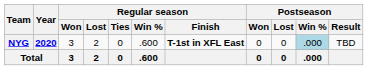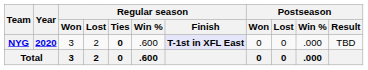 <table class="wikitable" style="font-size: 95%; text-align:center;">
 <tr>
 <th rowspan="2">Team</th>
 <th rowspan="2">Year</th>
 <th colspan="5">Regular season</th>
 <th colspan="4">Postseason</th>
 </tr>
 <tr>
 <th>Won</th>
 <th>Lost</th>
 <th>Ties</th>
 <th>Win %</th>
 <th>Finish</th>
 <th>Won</th>
 <th>Lost</th>
 <th>Win %</th>
 <th>Result</th>
 </tr>
 <tr>
 <th><a href='#'>NYG</a></th>
 <th><a href='#'>2020</a></th>
 <td>3</td>
 <td>2</td>
-<td>0</td>
+<td><strong>0</strong></td>
 <td>.600</td>
-<td><strong>T-1st in XFL East</strong></td>
+<td style="background: lavender;"><strong>T-1st in XFL East</strong></td>
 <td>0</td>
 <td>0</td>
-<td style="background: lightblue;">.000</td>
+<td>.000</td>
 <td>TBD</td>
 </tr>
 <tr>
 <th colspan="2">Total</th>
 <th>3</th>
 <th>2</th>
 <th>0</th>
 <th>.600</th>
 <th></th>
 <th>0</th>
 <th>0</th>
 <th>.000</th>
 <th></th>
 </tr>
 </table>
